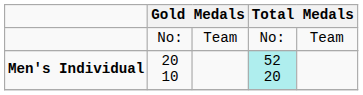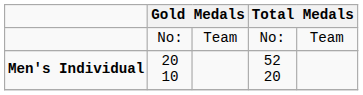 <table class="wikitable" style="text-align: center; font-size:95%;">
 <tr>
 <td></td>
 <th colspan=2>Gold Medals</th>
 <th colspan=2>Total Medals</th>
 </tr>
 <tr>
 <td></td>
 <td>No:</td>
 <td>Team</td>
 <td>No:</td>
 <td>Team</td>
 </tr>
 <tr>
 </tr>
 <tr>
 <td><strong>Men's Individual</strong></td>
 <td>20 <br> 10</td>
 <td align="left"> <br> </td>
-<td style="background: paleturquoise;">52 <br> 20</td>
+<td>52 <br> 20</td>
 <td align="left"> <br> </td>
 </tr>
 <tr>
 </tr>
 </table>
